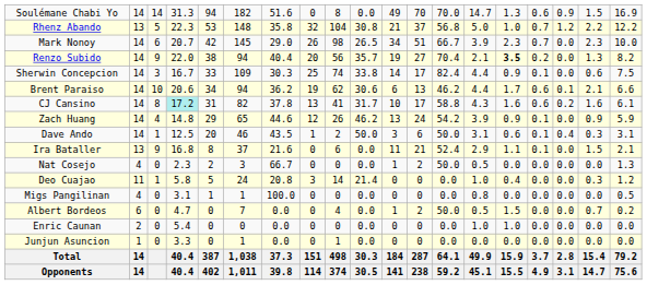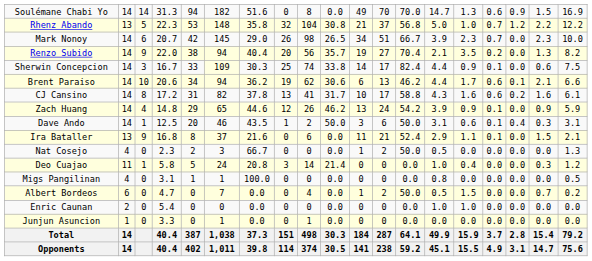 <table class=wikitable width=100%>
 <tr align=center>
 <td>Soulémane Chabi Yo</td>
 <td>14</td>
 <td>14</td>
 <td style=>31.3</td>
 <td>94</td>
 <td>182</td>
 <td>51.6</td>
 <td>0</td>
 <td>8</td>
 <td>0.0</td>
 <td>49</td>
 <td>70</td>
 <td>70.0</td>
 <td style=>14.7</td>
 <td>1.3</td>
 <td>0.6</td>
 <td>0.9</td>
 <td>1.5</td>
 <td style=>16.9</td>
 </tr>
 <tr bgcolor=#ffffdd align=center>
 <td><a href='#'>Rhenz Abando</a></td>
 <td>13</td>
 <td>5</td>
 <td>22.3</td>
 <td>53</td>
 <td>148</td>
 <td>35.8</td>
 <td>32</td>
 <td>104</td>
 <td>30.8</td>
 <td>21</td>
 <td>37</td>
 <td>56.8</td>
 <td>5.0</td>
 <td>1.0</td>
 <td style=>0.7</td>
 <td style=>1.2</td>
 <td>2.2</td>
 <td>12.2</td>
 </tr>
 <tr align=center>
 <td>Mark Nonoy</td>
 <td>14</td>
 <td>6</td>
 <td>20.7</td>
 <td>42</td>
 <td>145</td>
 <td>29.0</td>
 <td>26</td>
 <td>98</td>
 <td>26.5</td>
 <td>34</td>
 <td>51</td>
 <td>66.7</td>
 <td>3.9</td>
 <td>2.3</td>
 <td style=>0.7</td>
 <td>0.0</td>
 <td>2.3</td>
 <td>10.0</td>
 </tr>
 <tr bgcolor=#ffffdd align=center>
 <td><a href='#'>Renzo Subido</a></td>
 <td>14</td>
 <td>9</td>
 <td>22.0</td>
 <td>38</td>
 <td>94</td>
 <td>40.4</td>
 <td>20</td>
 <td>56</td>
 <td>35.7</td>
 <td>19</td>
 <td>27</td>
 <td>70.4</td>
 <td>2.1</td>
-<td style=><strong>3.5</strong></td>
+<td style=>3.5</td>
 <td>0.2</td>
 <td>0.0</td>
 <td>1.3</td>
 <td>8.2</td>
 </tr>
 <tr align=center>
 <td>Sherwin Concepcion</td>
 <td>14</td>
 <td>3</td>
 <td>16.7</td>
 <td>33</td>
-<td>109</td>
+<td style="background: lightyellow;">109</td>
 <td>30.3</td>
 <td>25</td>
 <td>74</td>
 <td>33.8</td>
 <td>14</td>
 <td>17</td>
 <td style=>82.4</td>
 <td>4.4</td>
 <td>0.9</td>
 <td>0.1</td>
 <td>0.0</td>
 <td>0.6</td>
 <td>7.5</td>
 </tr>
 <tr bgcolor=#ffffdd align=center>
 <td>Brent Paraiso</td>
 <td>14</td>
 <td>10</td>
 <td>20.6</td>
 <td>34</td>
 <td>94</td>
 <td>36.2</td>
 <td>19</td>
 <td>62</td>
 <td>30.6</td>
 <td>6</td>
 <td>13</td>
 <td>46.2</td>
 <td>4.4</td>
 <td>1.7</td>
 <td>0.6</td>
 <td>0.1</td>
 <td>2.1</td>
 <td>6.6</td>
 </tr>
 <tr align=center>
 <td>CJ Cansino</td>
 <td>14</td>
 <td>8</td>
-<td style="background: paleturquoise;">17.2</td>
+<td>17.2</td>
 <td>31</td>
 <td>82</td>
 <td>37.8</td>
 <td>13</td>
 <td>41</td>
 <td>31.7</td>
 <td>10</td>
 <td>17</td>
 <td>58.8</td>
 <td>4.3</td>
 <td>1.6</td>
 <td>0.6</td>
 <td>0.2</td>
 <td>1.6</td>
 <td>6.1</td>
 </tr>
 <tr bgcolor=#ffffdd align=center>
 <td>Zach Huang</td>
 <td>14</td>
 <td>4</td>
 <td>14.8</td>
 <td>29</td>
 <td>65</td>
 <td>44.6</td>
 <td>12</td>
 <td>26</td>
 <td>46.2</td>
 <td>13</td>
 <td>24</td>
 <td>54.2</td>
 <td>3.9</td>
 <td>0.9</td>
 <td>0.1</td>
 <td>0.0</td>
 <td>0.9</td>
 <td>5.9</td>
 </tr>
 <tr align=center>
 <td>Dave Ando</td>
 <td>14</td>
 <td>1</td>
 <td>12.5</td>
 <td>20</td>
 <td>46</td>
 <td>43.5</td>
 <td>1</td>
 <td>2</td>
 <td style=>50.0</td>
 <td>3</td>
 <td>6</td>
 <td>50.0</td>
 <td>3.1</td>
 <td>0.6</td>
 <td>0.1</td>
 <td>0.4</td>
 <td>0.3</td>
 <td>3.1</td>
 </tr>
 <tr bgcolor=#ffffdd align=center>
 <td>Ira Bataller</td>
 <td>13</td>
 <td>9</td>
 <td>16.8</td>
 <td>8</td>
 <td>37</td>
 <td>21.6</td>
 <td>0</td>
 <td>6</td>
 <td>0.0</td>
 <td>11</td>
 <td>21</td>
 <td>52.4</td>
 <td>2.9</td>
 <td>1.1</td>
 <td>0.1</td>
 <td>0.0</td>
 <td>1.5</td>
 <td>2.1</td>
 </tr>
 <tr align=center>
 <td>Nat Cosejo</td>
 <td>4</td>
 <td>0</td>
 <td>2.3</td>
 <td>2</td>
 <td>3</td>
 <td>66.7</td>
 <td>0</td>
 <td>0</td>
 <td>0.0</td>
 <td>1</td>
 <td>2</td>
 <td>50.0</td>
 <td>0.5</td>
 <td>0.0</td>
 <td>0.0</td>
 <td>0.0</td>
 <td>0.0</td>
 <td>1.3</td>
 </tr>
 <tr bgcolor=#ffffdd align=center>
 <td>Deo Cuajao</td>
 <td>11</td>
 <td>1</td>
 <td>5.8</td>
 <td>5</td>
 <td>24</td>
 <td>20.8</td>
 <td>3</td>
 <td>14</td>
 <td>21.4</td>
 <td>0</td>
 <td>0</td>
 <td>0.0</td>
 <td>1.0</td>
 <td>0.4</td>
 <td>0.0</td>
 <td>0.0</td>
 <td>0.3</td>
 <td>1.2</td>
 </tr>
 <tr align=center>
 <td>Migs Pangilinan</td>
 <td>4</td>
 <td>0</td>
 <td>3.1</td>
 <td>1</td>
 <td>1</td>
 <td style=>100.0</td>
 <td>0</td>
 <td>0</td>
 <td>0.0</td>
 <td>0</td>
 <td>0</td>
 <td>0.0</td>
 <td>0.8</td>
 <td>0.0</td>
 <td>0.0</td>
 <td>0.0</td>
 <td>0.0</td>
 <td>0.5</td>
 </tr>
 <tr bgcolor=#ffffdd align=center>
 <td>Albert Bordeos</td>
 <td>6</td>
 <td>0</td>
 <td>4.7</td>
 <td>0</td>
 <td>7</td>
 <td>0.0</td>
 <td>0</td>
 <td>4</td>
 <td>0.0</td>
 <td>1</td>
 <td>2</td>
 <td>50.0</td>
 <td>0.5</td>
 <td>1.5</td>
 <td>0.0</td>
 <td>0.0</td>
 <td>0.7</td>
 <td>0.2</td>
 </tr>
 <tr align=center>
 <td>Enric Caunan</td>
 <td>2</td>
 <td>0</td>
 <td>5.4</td>
 <td>0</td>
 <td>0</td>
 <td>0.0</td>
 <td>0</td>
 <td>0</td>
 <td>0.0</td>
 <td>0</td>
 <td>0</td>
 <td>0.0</td>
 <td>1.0</td>
 <td>1.0</td>
 <td>0.0</td>
 <td>0.0</td>
 <td>0.0</td>
 <td>0.0</td>
 </tr>
 <tr bgcolor=#ffffdd align=center>
 <td>Junjun Asuncion</td>
 <td>1</td>
 <td>0</td>
 <td>3.3</td>
 <td>0</td>
 <td>1</td>
 <td>0.0</td>
 <td>0</td>
 <td>1</td>
 <td>0.0</td>
 <td>0</td>
 <td>0</td>
 <td>0.0</td>
 <td>0.0</td>
 <td>0.0</td>
 <td>0.0</td>
 <td>0.0</td>
 <td>0.0</td>
 <td>0.0</td>
 </tr>
 <tr class=sortbottom>
 <th>Total</th>
 <th>14</th>
 <th></th>
 <th>40.4</th>
 <th>387</th>
 <th>1,038</th>
 <th>37.3</th>
 <th>151</th>
 <th>498</th>
 <th>30.3</th>
 <th>184</th>
 <th>287</th>
 <th>64.1</th>
 <th>49.9</th>
 <th>15.9</th>
 <th>3.7</th>
 <th>2.8</th>
 <th>15.4</th>
 <th>79.2</th>
 </tr>
 <tr class=sortbottom>
 <th>Opponents</th>
 <th>14</th>
 <th></th>
 <th>40.4</th>
 <th>402</th>
 <th>1,011</th>
 <th>39.8</th>
 <th>114</th>
 <th>374</th>
 <th>30.5</th>
 <th>141</th>
 <th>238</th>
 <th>59.2</th>
 <th>45.1</th>
 <th>15.5</th>
 <th>4.9</th>
 <th>3.1</th>
 <th>14.7</th>
 <th>75.6</th>
 </tr>
 </table>
